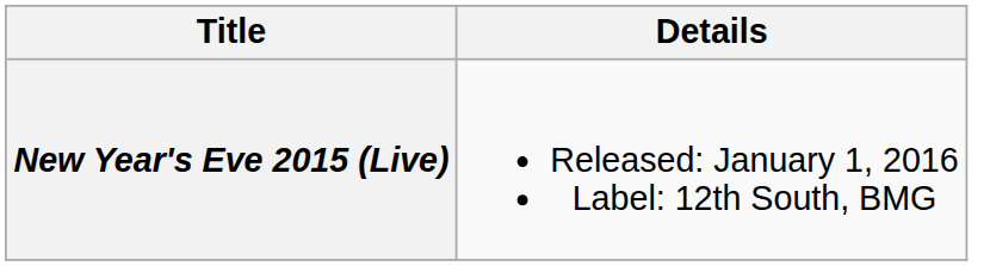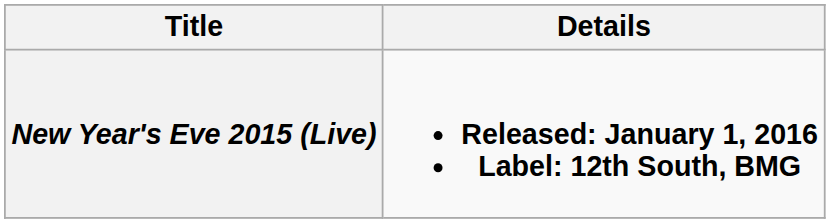 <table class="wikitable plainrowheaders" style="text-align:center;">
 <tr>
 <th scope="col">Title</th>
 <th scope="col">Details</th>
 </tr>
 <tr>
 <th scope="row"><em>New Year's Eve 2015 (Live)</em></th>
-<td><br><ul><li>Released: January 1, 2016</li><li>Label: 12th South, BMG</li></ul></td>
+<td><strong><br><ul><li>Released: January 1, 2016</li><li>Label: 12th South, BMG</li></ul></strong></td>
 </tr>
 </table>
